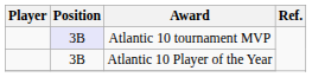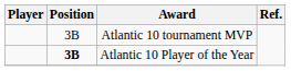 <table class="wikitable sortable sortable" style="text-align: center">
 <tr align=center>
 <th>Player</th>
 <th>Position</th>
 <th>Award</th>
 <th>Ref.</th>
 </tr>
 <tr>
 <td></td>
-<td style="background: lavender;">3B</td>
+<td>3B</td>
 <td>Atlantic 10 tournament MVP</td>
 </tr>
 <tr>
 <td></td>
-<td>3B</td>
+<td><strong>3B</strong></td>
 <td>Atlantic 10 Player of the Year</td>
 </tr>
 <tr>
 </tr>
 </table>
